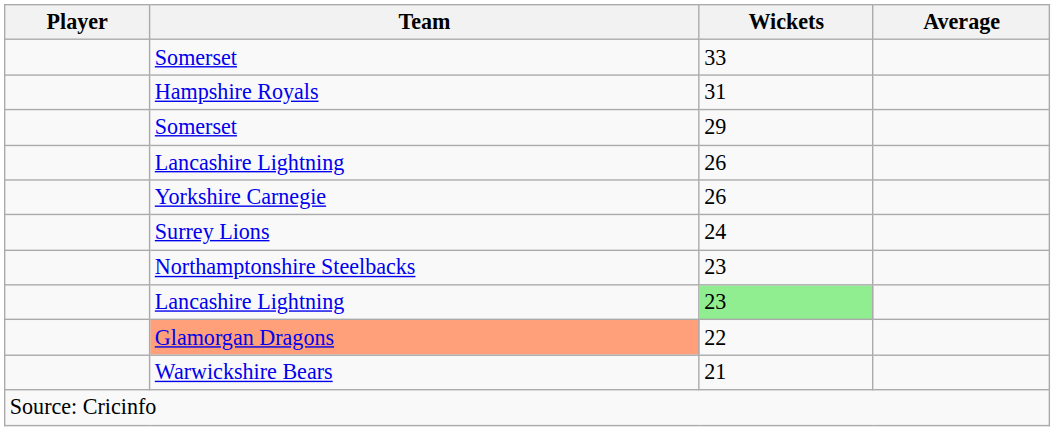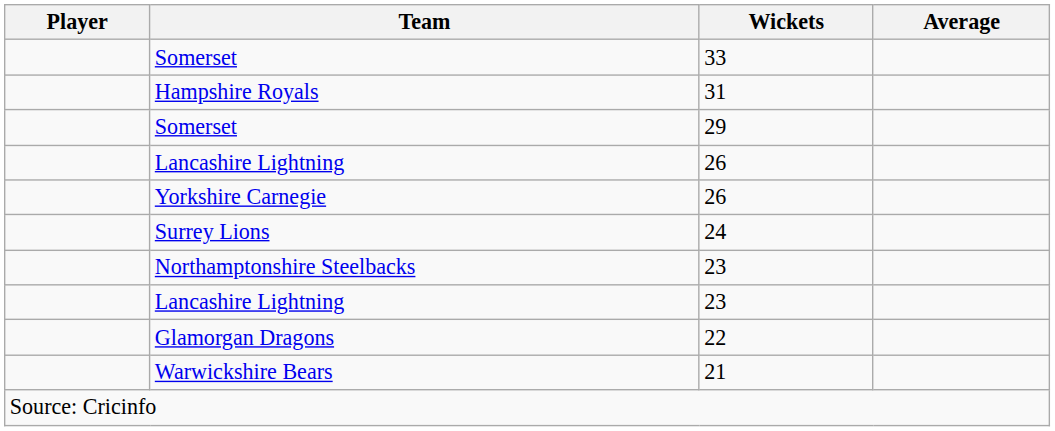 <table class="wikitable sortable" style="width:60%;">
 <tr>
 <th>Player</th>
 <th>Team</th>
 <th>Wickets</th>
 <th>Average</th>
 </tr>
 <tr>
 <td></td>
 <td><a href='#'>Somerset</a></td>
 <td>33</td>
 <td></td>
 </tr>
 <tr>
 <td></td>
 <td><a href='#'>Hampshire Royals</a></td>
 <td>31</td>
 <td></td>
 </tr>
 <tr>
 <td></td>
 <td><a href='#'>Somerset</a></td>
 <td>29</td>
 <td></td>
 </tr>
 <tr>
 <td></td>
 <td><a href='#'>Lancashire Lightning</a></td>
 <td>26</td>
 <td></td>
 </tr>
 <tr>
 <td></td>
 <td><a href='#'>Yorkshire Carnegie</a></td>
 <td>26</td>
 <td></td>
 </tr>
 <tr>
 <td></td>
 <td><a href='#'>Surrey Lions</a></td>
 <td>24</td>
 <td></td>
 </tr>
 <tr>
 <td></td>
 <td><a href='#'>Northamptonshire Steelbacks</a></td>
 <td>23</td>
 <td></td>
 </tr>
 <tr>
 <td></td>
 <td><a href='#'>Lancashire Lightning</a></td>
-<td style="background: lightgreen;">23</td>
+<td>23</td>
 <td></td>
 </tr>
 <tr>
 <td></td>
-<td style="background: lightsalmon;"><a href='#'>Glamorgan Dragons</a></td>
+<td><a href='#'>Glamorgan Dragons</a></td>
 <td>22</td>
 <td></td>
 </tr>
 <tr>
 <td></td>
 <td><a href='#'>Warwickshire Bears</a></td>
 <td>21</td>
 <td></td>
 </tr>
 <tr class="unsortable">
 <td colspan="10">Source: Cricinfo</td>
 </tr>
 </table>
